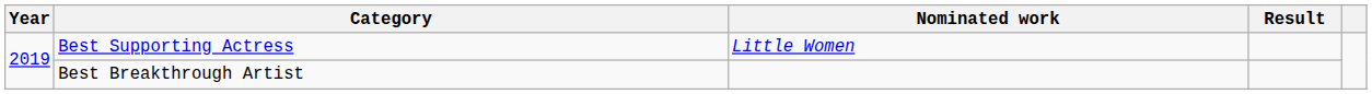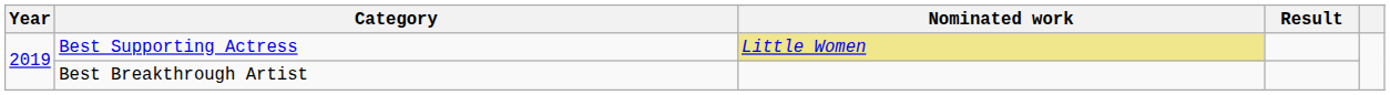 <table class="wikitable sortable">
 <tr>
 <th scope="col" style="width:1em;">Year</th>
 <th scope="col" style="width:39em;">Category</th>
 <th scope="col" style="width:30em;">Nominated work</th>
 <th scope="col" style="width:5em;">Result</th>
 <th scope="col" style="width:1em;"class="unsortable"></th>
 </tr>
 <tr>
 <td rowspan="2"><a href='#'>2019</a></td>
 <td><a href='#'>Best Supporting Actress</a></td>
-<td><em><a href='#'>Little Women</a></em></td>
+<td style="background: khaki;"><em><a href='#'>Little Women</a></em></td>
 <td></td>
 <td align="center" rowspan="2"></td>
 </tr>
 <tr>
 <td>Best Breakthrough Artist</td>
 <td></td>
 <td></td>
 </tr>
 </table>
